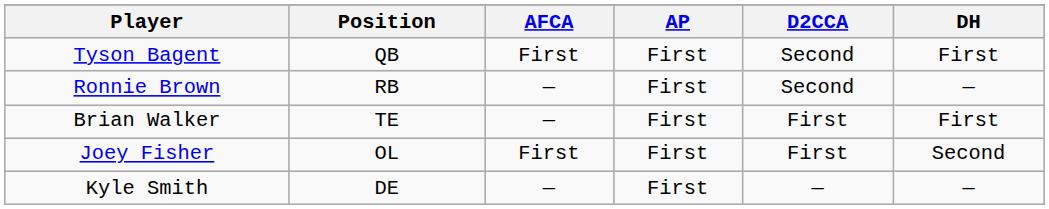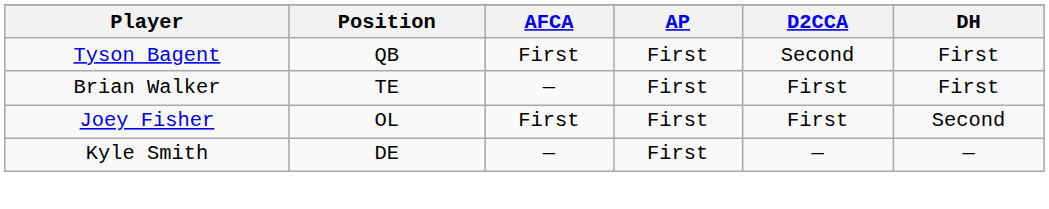 <table class="wikitable" style="width:75%; text-align:center;">
 <tr>
 </tr>
 <tr>
 <th>Player</th>
 <th>Position</th>
 <th><a href='#'><span>AFCA</span></a></th>
 <th><a href='#'><span>AP</span></a></th>
 <th><a href='#'><span>D2CCA</span></a></th>
 <th>DH</th>
 </tr>
 <tr>
 <td><a href='#'>Tyson Bagent</a></td>
 <td>QB</td>
 <td>First</td>
 <td>First</td>
 <td>Second</td>
 <td>First</td>
-</tr>
-<tr>
-<td><a href='#'>Ronnie Brown</a></td>
-<td>RB</td>
-<td>—</td>
-<td>First</td>
-<td>Second</td>
-<td>—</td>
 </tr>
 <tr>
 <td>Brian Walker</td>
 <td>TE</td>
 <td>—</td>
 <td>First</td>
 <td>First</td>
 <td>First</td>
 </tr>
 <tr>
 <td><a href='#'>Joey Fisher</a></td>
 <td>OL</td>
 <td>First</td>
 <td>First</td>
 <td>First</td>
 <td>Second</td>
 </tr>
 <tr>
 <td>Kyle Smith</td>
 <td>DE</td>
 <td>—</td>
 <td>First</td>
 <td>—</td>
 <td>—</td>
 </tr>
 </table>
